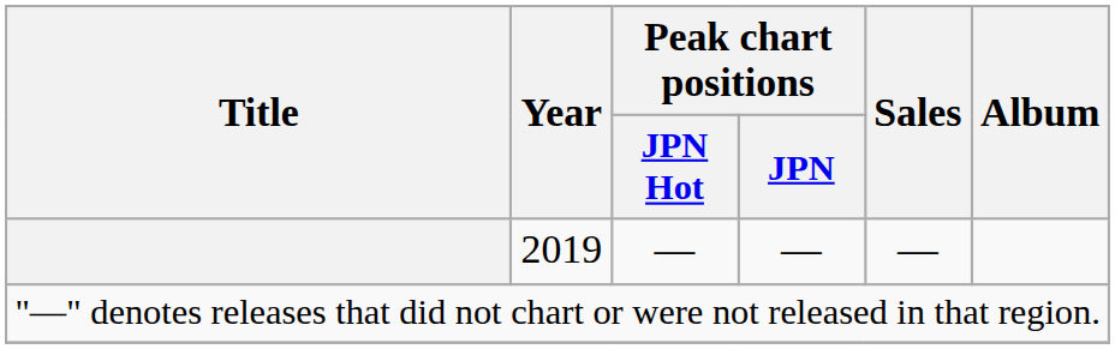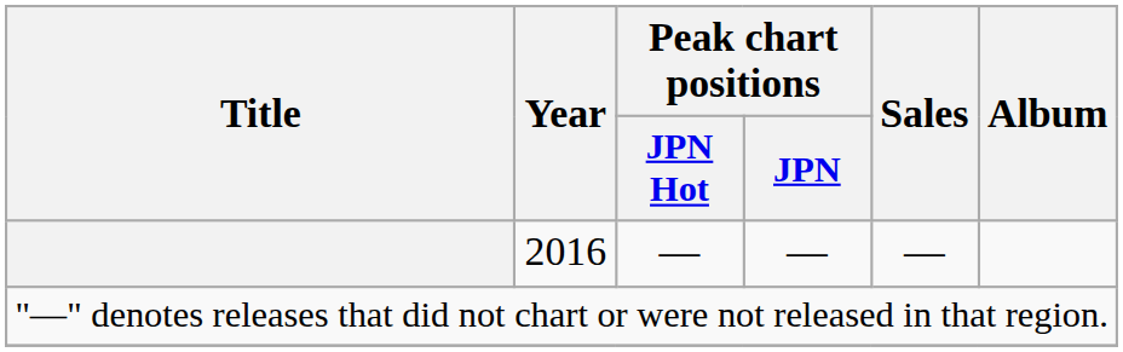 <table class="wikitable plainrowheaders" style="text-align:center;">
 <tr>
 <th scope="col" rowspan="2" style="width:12em;">Title</th>
 <th scope="col" rowspan="2">Year</th>
 <th scope="col" colspan="2">Peak chart positions</th>
 <th scope="col" rowspan="2">Sales</th>
 <th scope="col" rowspan="2">Album</th>
 </tr>
 <tr>
 <th scope="col" style="width:3em;font-size:90%;"><a href='#'>JPN<br>Hot</a></th>
 <th scope="col" style="width:3em;font-size:90%;"><a href='#'>JPN<br></a></th>
 </tr>
 <tr>
 <th scope="row"></th>
-<td>2019</td>
+<td>2016</td>
 <td>—</td>
 <td>—</td>
 <td>—</td>
 <td></td>
 </tr>
 <tr>
 <td colspan="7" style="font-size:90%;">"—" denotes releases that did not chart or were not released in that region.</td>
 </tr>
 <tr>
 </tr>
 </table>
